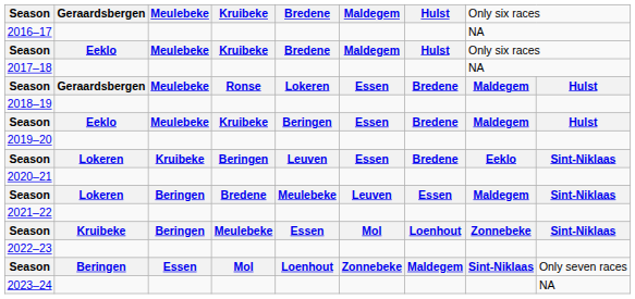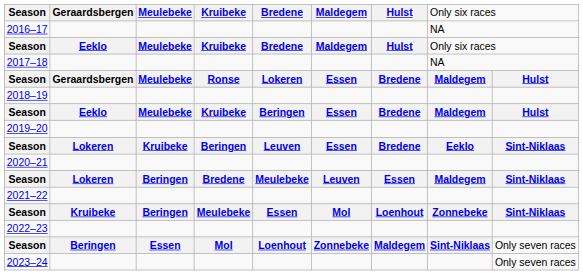 <table class="wikitable" style="font-size:95%">
 <tr>
 <th>Season</th>
 <th>Geraardsbergen</th>
 <th><a href='#'>Meulebeke</a></th>
 <th><a href='#'>Kruibeke</a></th>
 <th><a href='#'>Bredene</a></th>
 <th><a href='#'>Maldegem</a></th>
 <th><a href='#'>Hulst</a></th>
 <td colspan=2>Only six races</td>
 </tr>
 <tr>
 <td><a href='#'>2016–17</a></td>
 <td></td>
 <td></td>
 <td></td>
 <td></td>
 <td></td>
 <td></td>
 <td colspan=2>NA</td>
 </tr>
 <tr --->
 <th>Season</th>
 <th><a href='#'>Eeklo</a></th>
 <th><a href='#'>Meulebeke</a></th>
 <th><a href='#'>Kruibeke</a></th>
 <th><a href='#'>Bredene</a></th>
 <th><a href='#'>Maldegem</a></th>
 <th><a href='#'>Hulst</a></th>
 <td colspan=2>Only six races</td>
 </tr>
 <tr>
 <td><a href='#'>2017–18</a></td>
 <td></td>
 <td></td>
 <td></td>
 <td></td>
 <td></td>
 <td></td>
 <td colspan=2>NA</td>
 </tr>
 <tr --->
 <th>Season</th>
 <th>Geraardsbergen</th>
 <th><a href='#'>Meulebeke</a></th>
 <th><a href='#'>Ronse</a></th>
 <th><a href='#'>Lokeren</a></th>
 <th><a href='#'>Essen</a></th>
 <th><a href='#'>Bredene</a></th>
 <th><a href='#'>Maldegem</a></th>
 <th><a href='#'>Hulst</a></th>
 </tr>
 <tr>
 <td><a href='#'>2018–19</a></td>
 <td></td>
 <td></td>
 <td></td>
 <td></td>
 <td></td>
 <td></td>
 <td><s></s></td>
 <td><s></s></td>
 </tr>
 <tr --->
 <th>Season</th>
 <th><a href='#'>Eeklo</a></th>
 <th><a href='#'>Meulebeke</a></th>
 <th><a href='#'>Kruibeke</a></th>
 <th><a href='#'>Beringen</a></th>
 <th><a href='#'>Essen</a></th>
 <th><a href='#'>Bredene</a></th>
 <th><a href='#'>Maldegem</a></th>
 <th><a href='#'>Hulst</a></th>
 </tr>
 <tr>
 <td><a href='#'>2019–20</a></td>
 <td></td>
 <td></td>
 <td></td>
 <td></td>
 <td></td>
 <td></td>
 <td></td>
 <td></td>
 </tr>
 <tr --->
 <th>Season</th>
 <th><a href='#'>Lokeren</a></th>
 <th><a href='#'>Kruibeke</a></th>
 <th><a href='#'>Beringen</a></th>
 <th><a href='#'>Leuven</a></th>
 <th><a href='#'>Essen</a></th>
 <th><a href='#'>Bredene</a></th>
 <th><a href='#'>Eeklo</a></th>
 <th><a href='#'>Sint-Niklaas</a></th>
 </tr>
 <tr>
 <td><a href='#'>2020–21</a></td>
 <td></td>
 <td></td>
 <td></td>
 <td></td>
 <td></td>
 <td></td>
 <td></td>
 <td></td>
 </tr>
 <tr --->
 <th>Season</th>
 <th><a href='#'>Lokeren</a></th>
 <th><a href='#'>Beringen</a></th>
 <th><a href='#'>Bredene</a></th>
 <th><a href='#'>Meulebeke</a></th>
 <th><a href='#'>Leuven</a></th>
 <th><a href='#'>Essen</a></th>
 <th><a href='#'>Maldegem</a></th>
 <th><a href='#'>Sint-Niklaas</a></th>
 </tr>
 <tr>
 <td><a href='#'>2021–22</a></td>
 <td></td>
 <td></td>
 <td></td>
 <td></td>
 <td></td>
 <td></td>
 <td></td>
 <td></td>
 </tr>
 <tr --->
 <th>Season</th>
 <th><a href='#'>Kruibeke</a></th>
 <th><a href='#'>Beringen</a></th>
 <th><a href='#'>Meulebeke</a></th>
 <th><a href='#'>Essen</a></th>
 <th><a href='#'>Mol</a></th>
 <th><a href='#'>Loenhout</a></th>
 <th><a href='#'>Zonnebeke</a></th>
 <th><a href='#'>Sint-Niklaas</a></th>
 </tr>
 <tr>
 <td><a href='#'>2022–23</a></td>
 <td></td>
 <td></td>
 <td></td>
 <td></td>
 <td></td>
 <td></td>
 <td></td>
 <td></td>
 </tr>
 <tr --->
 <th>Season</th>
 <th><a href='#'>Beringen</a></th>
 <th><a href='#'>Essen</a></th>
 <th><a href='#'>Mol</a></th>
 <th><a href='#'>Loenhout</a></th>
 <th><a href='#'>Zonnebeke</a></th>
 <th><a href='#'>Maldegem</a></th>
 <th><a href='#'>Sint-Niklaas</a></th>
 <td>Only seven races</td>
 </tr>
 <tr>
 <td><a href='#'>2023–24</a></td>
 <td></td>
 <td></td>
 <td></td>
 <td></td>
 <td></td>
 <td></td>
 <td></td>
-<td>NA</td>
+<td>Only seven races</td>
 </tr>
 </table>
